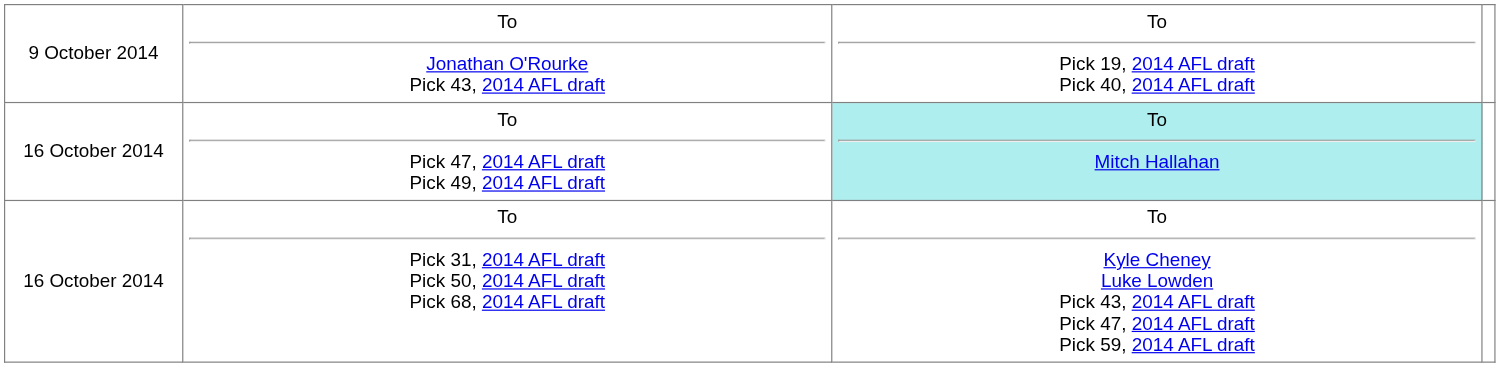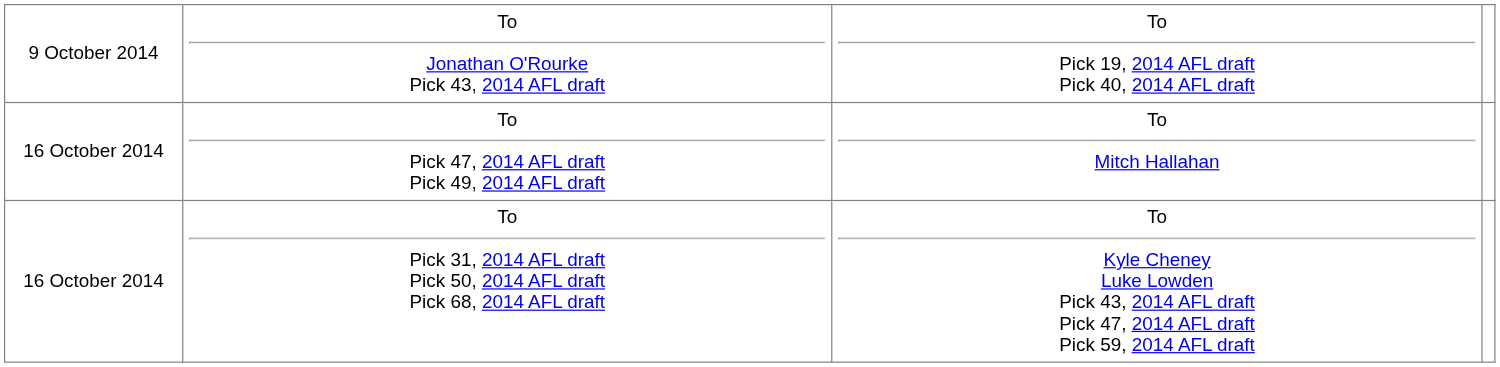 <table border="1" cellpadding="5" style="border-collapse:collapse; text-align: center; width: 100%">
 <tr>
 <td style="width:12%">9 October 2014</td>
 <td style="width:44%; vertical-align:top;">To <strong></strong><hr><a href='#'>Jonathan O'Rourke</a><br>Pick 43, <a href='#'>2014 AFL draft</a></td>
 <td style="width:44%; vertical-align:top;">To <strong></strong><hr>Pick 19, <a href='#'>2014 AFL draft</a><br>Pick 40, <a href='#'>2014 AFL draft</a></td>
 <td></td>
 </tr>
 <tr>
 <td style="width:12%">16 October 2014</td>
 <td style="width:44%; vertical-align:top;">To <strong></strong><hr>Pick 47, <a href='#'>2014 AFL draft</a><br>Pick 49, <a href='#'>2014 AFL draft</a></td>
-<td style="background: paleturquoise; width:44%; vertical-align:top;">To <strong></strong><hr><a href='#'>Mitch Hallahan</a></td>
+<td style="width:44%; vertical-align:top;">To <strong></strong><hr><a href='#'>Mitch Hallahan</a></td>
 <td></td>
 </tr>
 <tr>
 <td style="width:12%">16 October 2014</td>
 <td style="width:44%; vertical-align:top;">To <strong></strong><hr>Pick 31, <a href='#'>2014 AFL draft</a><br>Pick 50, <a href='#'>2014 AFL draft</a><br>Pick 68, <a href='#'>2014 AFL draft</a></td>
 <td style="width:44%; vertical-align:top;">To <strong></strong><hr><a href='#'>Kyle Cheney</a><br><a href='#'>Luke Lowden</a><br>Pick 43, <a href='#'>2014 AFL draft</a><br>Pick 47, <a href='#'>2014 AFL draft</a><br>Pick 59, <a href='#'>2014 AFL draft</a></td>
 <td></td>
 </tr>
 </table>
